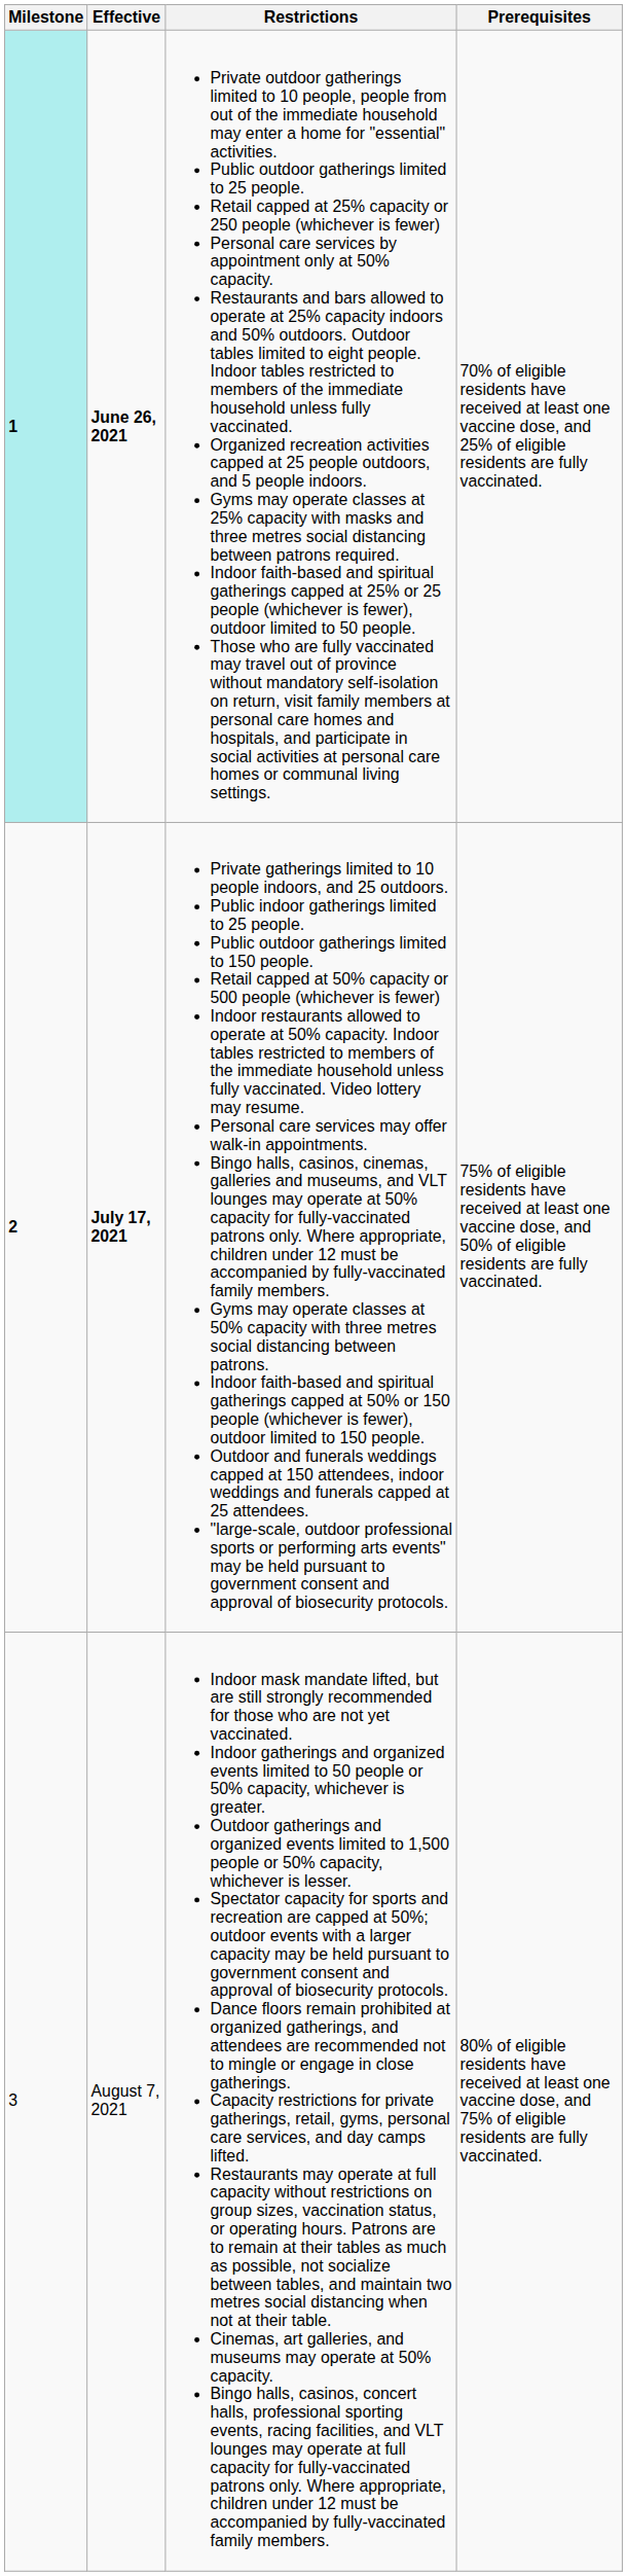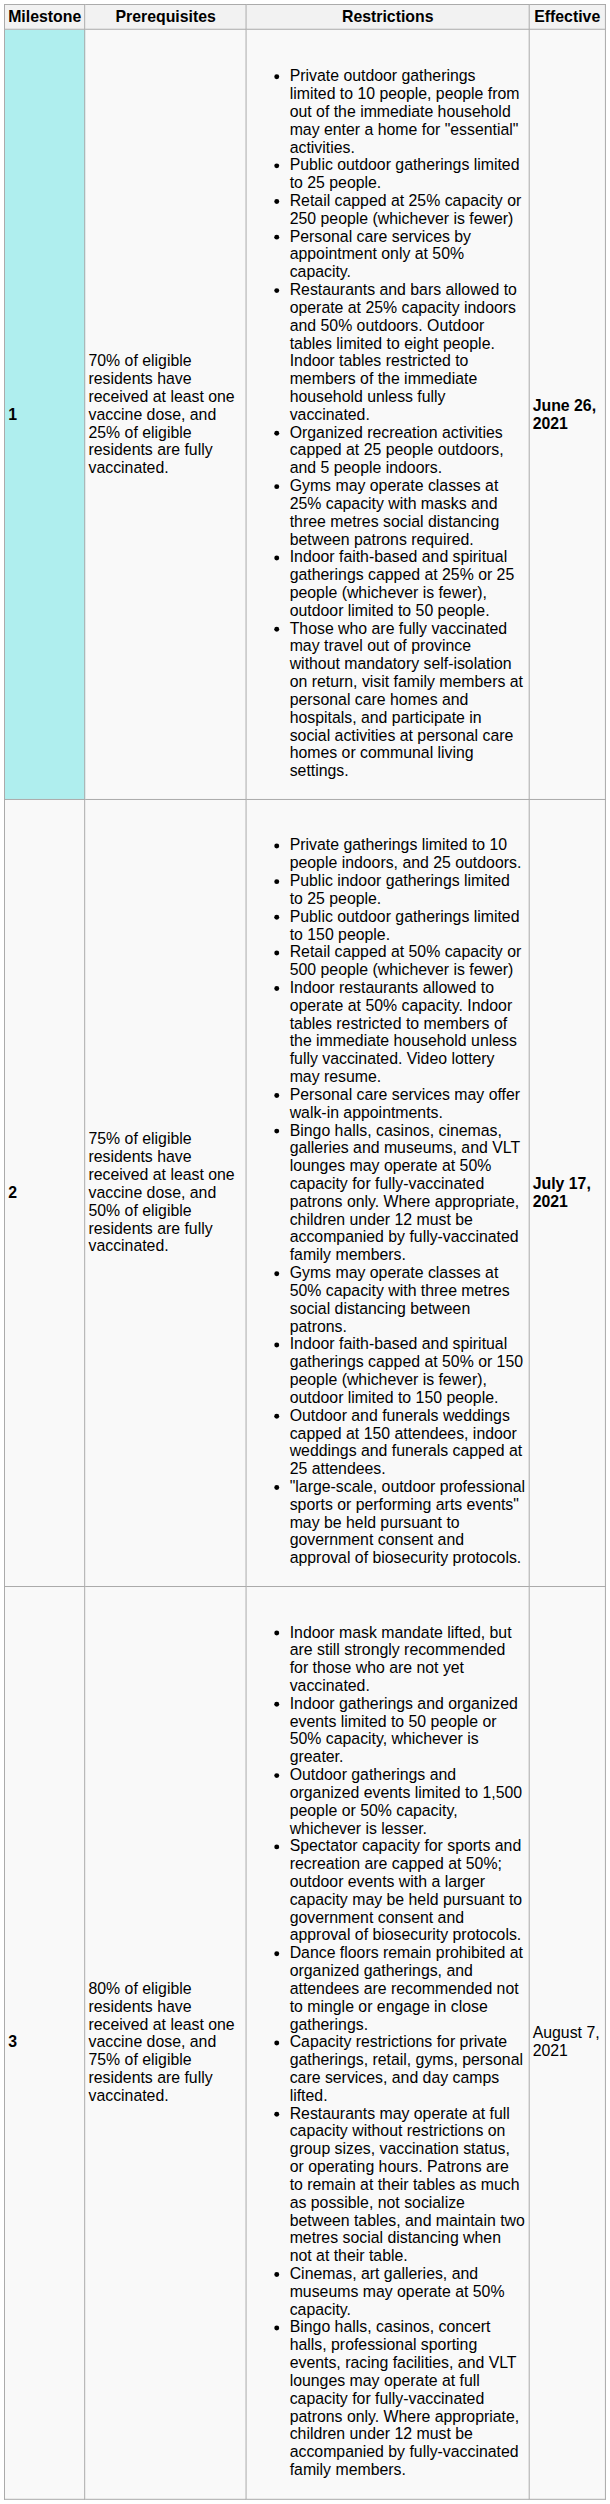 <table class="wikitable">
 <tr>
 <th>Milestone</th>
+<th>Prerequisites</th>
+<th>Restrictions</th>
 <th>Effective</th>
-<th>Restrictions</th>
-<th>Prerequisites</th>
 </tr>
 <tr>
 <td style="background: paleturquoise;"><strong>1</strong></td>
+<td>70% of eligible residents have received at least one vaccine dose, and 25% of eligible residents are fully vaccinated.</td>
+<td><br><ul><li>Private outdoor gatherings limited to 10 people, people from out of the immediate household may enter a home for "essential" activities.</li><li>Public outdoor gatherings limited to 25 people.</li><li>Retail capped at 25% capacity or 250 people (whichever is fewer)</li><li>Personal care services by appointment only at 50% capacity.</li><li>Restaurants and bars allowed to operate at 25% capacity indoors and 50% outdoors. Outdoor tables limited to eight people. Indoor tables restricted to members of the immediate household unless fully vaccinated.</li><li>Organized recreation activities capped at 25 people outdoors, and 5 people indoors.</li><li>Gyms may operate classes at 25% capacity with masks and three metres social distancing between patrons required.</li><li>Indoor faith-based and spiritual gatherings capped at 25% or 25 people (whichever is fewer), outdoor limited to 50 people.</li><li>Those who are fully vaccinated may travel out of province without mandatory self-isolation on return,  visit family members at personal care homes and hospitals, and participate in social activities at personal care homes or communal living settings.</li></ul></td>
 <td><strong>June 26, 2021</strong></td>
-<td><br><ul><li>Private outdoor gatherings limited to 10 people, people from out of the immediate household may enter a home for "essential" activities.</li><li>Public outdoor gatherings limited to 25 people.</li><li>Retail capped at 25% capacity or 250 people (whichever is fewer)</li><li>Personal care services by appointment only at 50% capacity.</li><li>Restaurants and bars allowed to operate at 25% capacity indoors and 50% outdoors. Outdoor tables limited to eight people. Indoor tables restricted to members of the immediate household unless fully vaccinated.</li><li>Organized recreation activities capped at 25 people outdoors, and 5 people indoors.</li><li>Gyms may operate classes at 25% capacity with masks and three metres social distancing between patrons required.</li><li>Indoor faith-based and spiritual gatherings capped at 25% or 25 people (whichever is fewer), outdoor limited to 50 people.</li><li>Those who are fully vaccinated may travel out of province without mandatory self-isolation on return,  visit family members at personal care homes and hospitals, and participate in social activities at personal care homes or communal living settings.</li></ul></td>
-<td>70% of eligible residents have received at least one vaccine dose, and 25% of eligible residents are fully vaccinated.</td>
 </tr>
 <tr>
 <td><strong>2</strong></td>
+<td>75% of eligible residents have received at least one vaccine dose, and 50% of eligible residents are fully vaccinated.</td>
+<td><br><ul><li>Private gatherings limited to 10 people indoors, and 25 outdoors.</li><li>Public indoor gatherings limited to 25 people.</li><li>Public outdoor gatherings limited to 150 people.</li><li>Retail capped at 50% capacity or 500 people (whichever is fewer)</li><li>Indoor restaurants allowed to operate at 50% capacity. Indoor tables restricted to members of the immediate household unless fully vaccinated. Video lottery may resume.</li><li>Personal care services may offer walk-in appointments.</li><li>Bingo halls, casinos, cinemas, galleries and museums, and VLT lounges may operate at 50% capacity for fully-vaccinated patrons only. Where appropriate, children under 12 must be accompanied by fully-vaccinated family members.</li><li>Gyms may operate classes at 50% capacity with three metres social distancing between patrons.</li><li>Indoor faith-based and spiritual gatherings capped at 50% or 150 people (whichever is fewer), outdoor limited to 150 people.</li><li>Outdoor and funerals weddings capped at 150 attendees, indoor weddings and funerals capped at 25 attendees.</li><li>"large-scale, outdoor professional sports or performing arts events" may be held pursuant to government consent and approval of biosecurity protocols.</li></ul></td>
 <td><strong>July 17, 2021</strong></td>
-<td><br><ul><li>Private gatherings limited to 10 people indoors, and 25 outdoors.</li><li>Public indoor gatherings limited to 25 people.</li><li>Public outdoor gatherings limited to 150 people.</li><li>Retail capped at 50% capacity or 500 people (whichever is fewer)</li><li>Indoor restaurants allowed to operate at 50% capacity. Indoor tables restricted to members of the immediate household unless fully vaccinated. Video lottery may resume.</li><li>Personal care services may offer walk-in appointments.</li><li>Bingo halls, casinos, cinemas, galleries and museums, and VLT lounges may operate at 50% capacity for fully-vaccinated patrons only. Where appropriate, children under 12 must be accompanied by fully-vaccinated family members.</li><li>Gyms may operate classes at 50% capacity with three metres social distancing between patrons.</li><li>Indoor faith-based and spiritual gatherings capped at 50% or 150 people (whichever is fewer), outdoor limited to 150 people.</li><li>Outdoor and funerals weddings capped at 150 attendees, indoor weddings and funerals capped at 25 attendees.</li><li>"large-scale, outdoor professional sports or performing arts events" may be held pursuant to government consent and approval of biosecurity protocols.</li></ul></td>
-<td>75% of eligible residents have received at least one vaccine dose, and 50% of eligible residents are fully vaccinated.</td>
 </tr>
 <tr>
-<td>3</td>
+<td><strong>3</strong></td>
+<td>80% of eligible residents have received at least one vaccine dose, and 75% of eligible residents are fully vaccinated.</td>
+<td><br><ul><li>Indoor mask mandate lifted, but are still strongly recommended for those who are not yet vaccinated.</li><li>Indoor gatherings and organized events limited to 50 people or 50% capacity, whichever is greater.</li><li>Outdoor gatherings and organized events limited to 1,500 people or 50% capacity, whichever is lesser.</li><li>Spectator capacity for sports and recreation are capped at 50%; outdoor events with a larger capacity may be held pursuant to government consent and approval of biosecurity protocols.</li><li>Dance floors remain prohibited at organized gatherings, and attendees are recommended not to mingle or engage in close gatherings.</li><li>Capacity restrictions for private gatherings, retail, gyms, personal care services, and day camps lifted.</li><li>Restaurants may operate at full capacity without restrictions on group sizes, vaccination status, or operating hours. Patrons are to remain at their tables as much as possible, not socialize between tables, and maintain two metres social distancing when not at their table.</li><li>Cinemas, art galleries, and museums may operate at 50% capacity.</li><li>Bingo halls, casinos, concert halls, professional sporting events, racing facilities, and VLT lounges may operate at full capacity for fully-vaccinated patrons only. Where appropriate, children under 12 must be accompanied by fully-vaccinated family members.</li></ul></td>
 <td>August 7, 2021</td>
-<td><br><ul><li>Indoor mask mandate lifted, but are still strongly recommended for those who are not yet vaccinated.</li><li>Indoor gatherings and organized events limited to 50 people or 50% capacity, whichever is greater.</li><li>Outdoor gatherings and organized events limited to 1,500 people or 50% capacity, whichever is lesser.</li><li>Spectator capacity for sports and recreation are capped at 50%; outdoor events with a larger capacity may be held pursuant to government consent and approval of biosecurity protocols.</li><li>Dance floors remain prohibited at organized gatherings, and attendees are recommended not to mingle or engage in close gatherings.</li><li>Capacity restrictions for private gatherings, retail, gyms, personal care services, and day camps lifted.</li><li>Restaurants may operate at full capacity without restrictions on group sizes, vaccination status, or operating hours. Patrons are to remain at their tables as much as possible, not socialize between tables, and maintain two metres social distancing when not at their table.</li><li>Cinemas, art galleries, and museums may operate at 50% capacity.</li><li>Bingo halls, casinos, concert halls, professional sporting events, racing facilities, and VLT lounges may operate at full capacity for fully-vaccinated patrons only. Where appropriate, children under 12 must be accompanied by fully-vaccinated family members.</li></ul></td>
-<td>80% of eligible residents have received at least one vaccine dose, and 75% of eligible residents are fully vaccinated.</td>
 </tr>
 </table>
